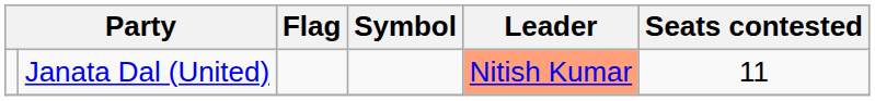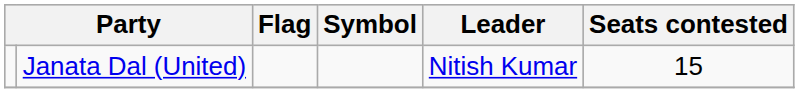 <table class="wikitable" style="text-align:center;">
 <tr>
 <th colspan="2">Party</th>
 <th>Flag</th>
 <th>Symbol</th>
 <th>Leader</th>
 <th>Seats contested</th>
 </tr>
 <tr>
 <td></td>
 <td><a href='#'>Janata Dal (United)</a></td>
 <td></td>
 <td></td>
-<td style="background: lightsalmon;"><a href='#'>Nitish Kumar</a></td>
-<td>11</td>
+<td><a href='#'>Nitish Kumar</a></td>
+<td>15</td>
 </tr>
 <tr>
 </tr>
 </table>
